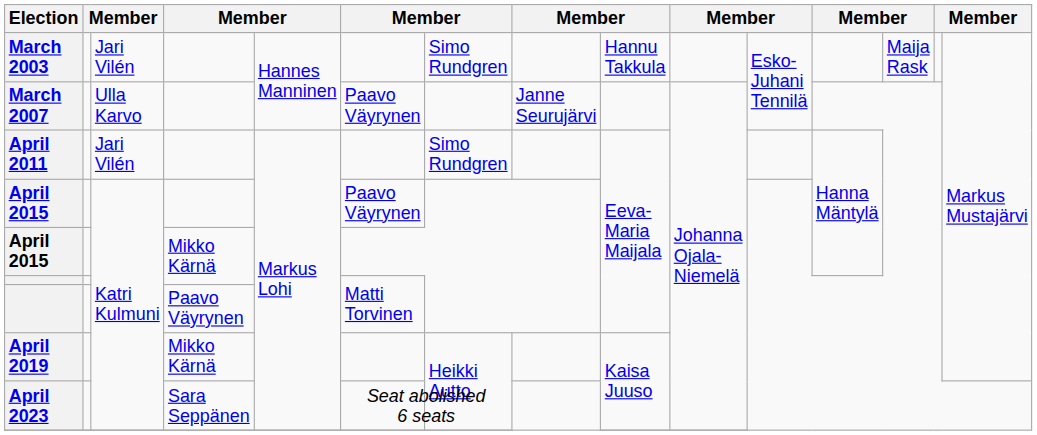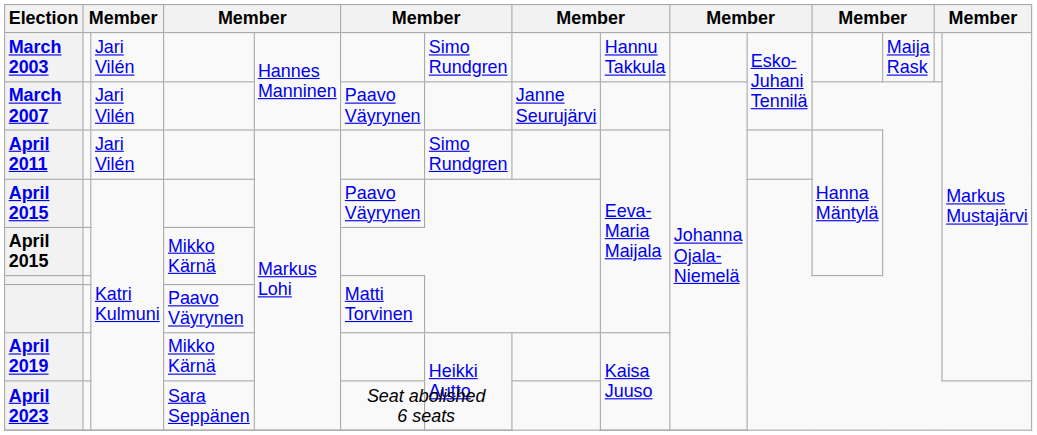 <table class="wikitable" style="text-align:left;">
 <tr>
 <th>Election</th>
 <th scope="col" width="150" colspan="2">Member <br> </th>
 <th scope="col" width="150" colspan="2">Member <br> </th>
 <th scope="col" width="150" colspan="2">Member <br> </th>
 <th scope="col" width="150" colspan="2">Member <br> </th>
 <th scope="col" width="150" colspan="2">Member <br> </th>
 <th scope="col" width="150" colspan="2">Member <br> </th>
 <th scope="col" width="150" colspan="2">Member <br> </th>
 </tr>
 <tr>
 <th style="text-align: left;"><a href='#'>March <br> 2003</a></th>
 <td style="background-color:"></td>
 <td><a href='#'>Jari Vilén</a> <br> </td>
 <td style="background-color:"></td>
 <td rowspan="2"><a href='#'>Hannes Manninen</a> <br> </td>
 <td style="background-color:"></td>
 <td><a href='#'>Simo Rundgren</a> <br> </td>
 <td style="background-color:"></td>
 <td><a href='#'>Hannu Takkula</a> <br> </td>
 <td style="background-color:"></td>
 <td rowspan="2"><a href='#'>Esko-Juhani Tennilä</a> <br> </td>
 <td style="background-color:"></td>
 <td><a href='#'>Maija Rask</a> <br> </td>
 <td style="background-color:"></td>
 <td rowspan="8"><a href='#'>Markus Mustajärvi</a> <br> </td>
 </tr>
 <tr>
 <th style="text-align: left;"><a href='#'>March <br> 2007</a></th>
 <td style="background-color:"></td>
-<td><a href='#'>Ulla Karvo</a> <br> </td>
+<td><a href='#'>Jari Vilén</a> <br> </td>
 <td style="background-color:"></td>
 <td><a href='#'>Paavo Väyrynen</a> <br> </td>
 <td style="background-color:"></td>
 <td><a href='#'>Janne Seurujärvi</a> <br> </td>
 <td style="background-color:"></td>
 <td rowspan="8"><a href='#'>Johanna Ojala-Niemelä</a> <br> </td>
 </tr>
 <tr>
 <th style="text-align: left;"><a href='#'>April <br> 2011</a></th>
 <td style="background-color:"></td>
 <td><a href='#'>Jari Vilén</a> <br> </td>
 <td style="background-color:"></td>
 <td rowspan="7"><a href='#'>Markus Lohi</a> <br> </td>
 <td style="background-color:"></td>
 <td><a href='#'>Simo Rundgren</a> <br> </td>
 <td style="background-color:"></td>
 <td rowspan="5"><a href='#'>Eeva-Maria Maijala</a> <br> </td>
 <td style="background-color:"></td>
 <td rowspan="3"><a href='#'>Hanna Mäntylä</a> <br> </td>
 </tr>
 <tr>
 <th style="text-align: left;"><a href='#'>April <br> 2015</a></th>
 <td style="background-color:"></td>
 <td rowspan="6"><a href='#'>Katri Kulmuni</a> <br> </td>
 <td style="background-color:"></td>
 <td><a href='#'>Paavo Väyrynen</a> <br> </td>
 </tr>
 <tr>
 <th style="text-align: left;">April 2015 </th>
 <td style="background-color:"></td>
 <td rowspan="2"><a href='#'>Mikko Kärnä</a> <br> </td>
 </tr>
 <tr>
 <th style="text-align: left;"></th>
 <td style="background-color:"></td>
 <td rowspan="2"><a href='#'>Matti Torvinen</a> <br> </td>
 </tr>
 <tr>
 <th style="text-align: left;"></th>
 <td style="background-color:"></td>
 <td><a href='#'>Paavo Väyrynen</a> <br> </td>
 </tr>
 <tr>
 <th style="text-align: left;"><a href='#'>April <br> 2019</a></th>
 <td style="background-color:"></td>
 <td><a href='#'>Mikko Kärnä</a> <br> </td>
 <td style="background-color:"></td>
 <td rowspan="2"><a href='#'>Heikki Autto</a> <br> </td>
 <td style="background-color:"></td>
 <td rowspan="2"><a href='#'>Kaisa Juuso</a> <br> </td>
 </tr>
 <tr>
 <th style="text-align: left;"><a href='#'>April <br> 2023</a></th>
 <td style="background-color:"></td>
 <td><a href='#'>Sara Seppänen</a> <br> </td>
 <td colspan="2" style="text-align: center;"><em>Seat abolished <br> 6 seats</em></td>
 </tr>
 <tr>
 </tr>
 </table>
